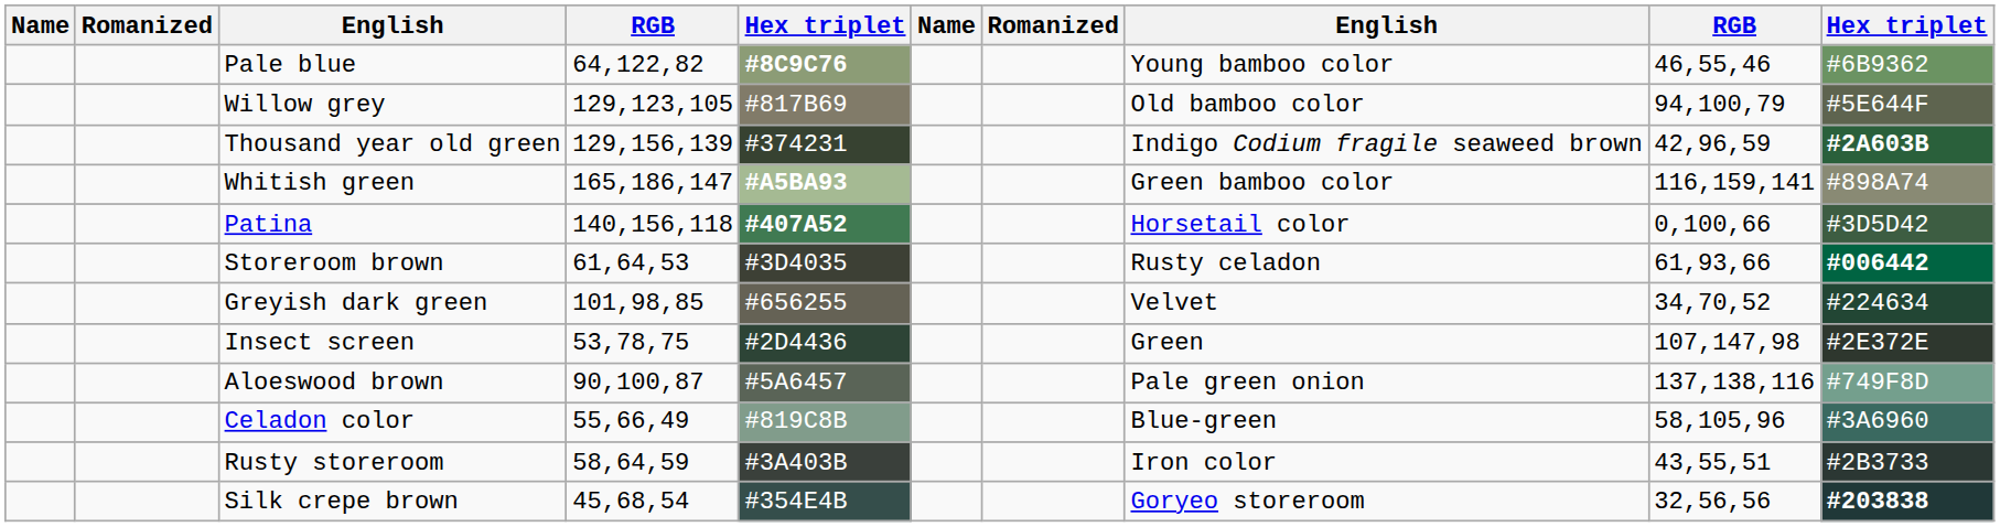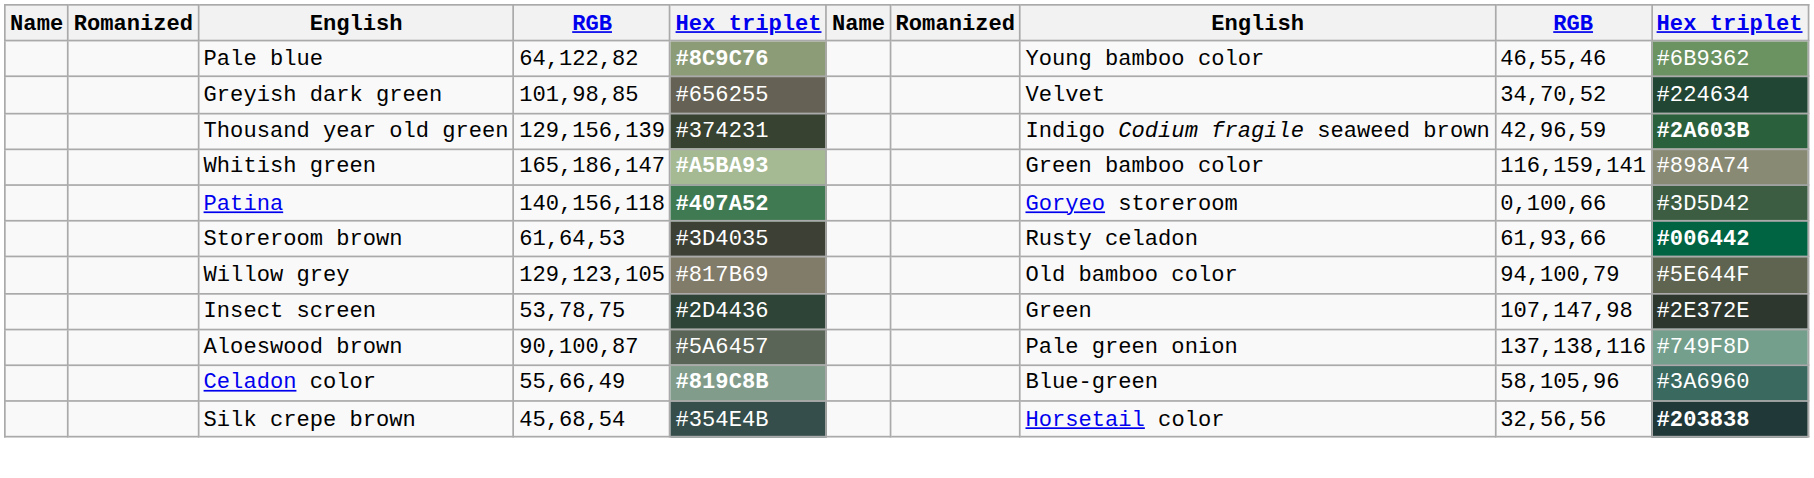 <table class="wikitable">
 <tr>
 <th>Name</th>
 <th>Romanized</th>
 <th>English</th>
 <th><a href='#'>RGB</a></th>
 <th><a href='#'>Hex triplet</a></th>
 <th>Name</th>
 <th>Romanized</th>
 <th>English</th>
 <th><a href='#'>RGB</a></th>
 <th><a href='#'>Hex triplet</a></th>
 </tr>
 <tr>
 <td></td>
 <td></td>
 <td>Pale blue</td>
 <td>64,122,82</td>
 <td style="background:#8C9C76; color:#ffffff; font-family:monospace;"><strong>#8C9C76</strong></td>
 <td></td>
 <td></td>
 <td>Young bamboo color</td>
 <td>46,55,46</td>
 <td style="background:#6B9362; color:#ffffff; font-family:monospace;">#6B9362</td>
 </tr>
 <tr>
 <td></td>
 <td></td>
-<td>Willow grey</td>
-<td>129,123,105</td>
-<td style="background:#817B69; color:#ffffff; font-family:monospace;">#817B69</td>
+<td>Greyish dark green</td>
+<td>101,98,85</td>
+<td style="background:#656255; color:#ffffff; font-family:monospace;">#656255</td>
 <td></td>
 <td></td>
-<td>Old bamboo color</td>
-<td>94,100,79</td>
-<td style="background:#5E644F; color:#ffffff; font-family:monospace;">#5E644F</td>
+<td>Velvet</td>
+<td>34,70,52</td>
+<td style="background:#224634; color:#ffffff; font-family:monospace;">#224634</td>
 </tr>
 <tr>
 <td></td>
 <td></td>
 <td>Thousand year old green</td>
 <td>129,156,139</td>
 <td style="background:#374231; color:#ffffff; font-family:monospace;">#374231</td>
 <td></td>
 <td></td>
 <td>Indigo <em>Codium fragile</em> seaweed brown</td>
 <td>42,96,59</td>
 <td style="background:#2A603B; color:#ffffff; font-family:monospace;"><strong>#2A603B</strong></td>
 </tr>
 <tr>
 <td></td>
 <td></td>
 <td>Whitish green</td>
 <td>165,186,147</td>
 <td style="background:#A5BA93; color:#ffffff; font-family:monospace;"><strong>#A5BA93</strong></td>
 <td></td>
 <td></td>
 <td>Green bamboo color</td>
 <td>116,159,141</td>
 <td style="background:#898A74; color:#ffffff; font-family:monospace;">#898A74</td>
 </tr>
 <tr>
 <td></td>
 <td></td>
 <td><a href='#'>Patina</a></td>
 <td>140,156,118</td>
 <td style="background:#407A52; color:#ffffff; font-family:monospace;"><strong>#407A52</strong></td>
 <td></td>
 <td></td>
-<td><a href='#'>Horsetail</a> color</td>
+<td><a href='#'>Goryeo</a> storeroom</td>
 <td>0,100,66</td>
 <td style="background:#3D5D42; color:#ffffff; font-family:monospace;">#3D5D42</td>
 </tr>
 <tr>
 <td></td>
 <td></td>
 <td>Storeroom brown</td>
 <td>61,64,53</td>
 <td style="background:#3D4035; color:#ffffff; font-family:monospace;">#3D4035</td>
 <td></td>
 <td></td>
 <td>Rusty celadon</td>
 <td>61,93,66</td>
 <td style="background:#006442; color:#ffffff; font-family:monospace;"><strong>#006442</strong></td>
 </tr>
 <tr>
 <td></td>
 <td></td>
-<td>Greyish dark green</td>
-<td>101,98,85</td>
-<td style="background:#656255; color:#ffffff; font-family:monospace;">#656255</td>
+<td>Willow grey</td>
+<td>129,123,105</td>
+<td style="background:#817B69; color:#ffffff; font-family:monospace;">#817B69</td>
 <td></td>
 <td></td>
-<td>Velvet</td>
-<td>34,70,52</td>
-<td style="background:#224634; color:#ffffff; font-family:monospace;">#224634</td>
+<td>Old bamboo color</td>
+<td>94,100,79</td>
+<td style="background:#5E644F; color:#ffffff; font-family:monospace;">#5E644F</td>
 </tr>
 <tr>
 <td></td>
 <td></td>
 <td>Insect screen</td>
 <td>53,78,75</td>
 <td style="background:#2D4436; color:#ffffff; font-family:monospace;">#2D4436</td>
 <td></td>
 <td></td>
 <td>Green</td>
 <td>107,147,98</td>
 <td style="background:#2E372E; color:#ffffff; font-family:monospace;">#2E372E</td>
 </tr>
 <tr>
 <td></td>
 <td></td>
 <td>Aloeswood brown</td>
 <td>90,100,87</td>
 <td style="background:#5A6457; color:#ffffff; font-family:monospace;">#5A6457</td>
 <td></td>
 <td></td>
 <td>Pale green onion</td>
 <td>137,138,116</td>
 <td style="background:#749F8D; color:#ffffff; font-family:monospace;">#749F8D</td>
 </tr>
 <tr>
 <td></td>
 <td></td>
 <td><a href='#'>Celadon</a> color</td>
 <td>55,66,49</td>
-<td style="background:#819C8B; color:#ffffff; font-family:monospace;">#819C8B</td>
+<td style="background:#819C8B; color:#ffffff; font-family:monospace;"><strong>#819C8B</strong></td>
 <td></td>
 <td></td>
 <td>Blue-green</td>
 <td>58,105,96</td>
 <td style="background:#3A6960; color:#ffffff; font-family:monospace;">#3A6960</td>
 </tr>
 <tr>
 <td></td>
 <td></td>
-<td>Rusty storeroom</td>
-<td>58,64,59</td>
-<td style="background:#3A403B; color:#ffffff; font-family:monospace;">#3A403B</td>
-<td></td>
-<td></td>
-<td>Iron color</td>
-<td>43,55,51</td>
-<td style="background:#2B3733; color:#ffffff; font-family:monospace;">#2B3733</td>
-</tr>
-<tr>
-<td></td>
-<td></td>
 <td>Silk crepe brown</td>
 <td>45,68,54</td>
 <td style="background:#354E4B; color:#ffffff; font-family:monospace;">#354E4B</td>
 <td></td>
 <td></td>
-<td><a href='#'>Goryeo</a> storeroom</td>
+<td><a href='#'>Horsetail</a> color</td>
 <td>32,56,56</td>
 <td style="background:#203838; color:#ffffff; font-family:monospace;"><strong>#203838</strong></td>
 </tr>
 </table>
